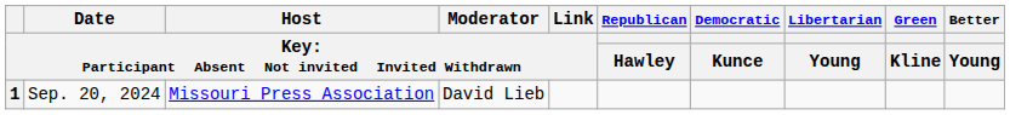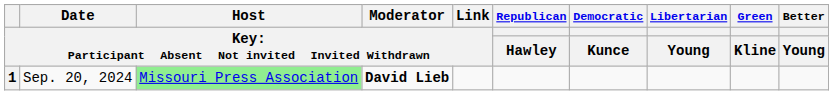 <table class="wikitable" style="text-align:center;">
 <tr>
 <th scope="col"></th>
 <th scope="col">Date</th>
 <th scope="col">Host</th>
 <th scope="col">Moderator</th>
 <th scope="col">Link</th>
 <th scope="col"><small><a href='#'>Republican</a></small></th>
 <th scope="col"><small><a href='#'>Democratic</a></small></th>
 <th scope="col"><small><a href='#'>Libertarian</a></small></th>
 <th scope="col"><small><a href='#'>Green</a></small></th>
 <th scope="col"><small>Better</small></th>
 </tr>
 <tr>
 <th colspan="5" rowspan="2">Key:<br> <small>Participant </small>  <small>Absent </small>  <small>Not invited </small>  <small>Invited  Withdrawn</small></th>
 <th scope="col" style="background:"></th>
 <th scope="col" style="background:"></th>
 <th scope="col" style="background:"></th>
 <th scope="col" style="background:"></th>
 <th scope="col" style="background:"></th>
 </tr>
 <tr>
 <th scope="col">Hawley</th>
 <th scope="col">Kunce</th>
 <th scope="col">Young</th>
 <th scope="col">Kline</th>
 <th scope="col">Young</th>
 </tr>
 <tr>
 <th>1</th>
 <td style="white-space:nowrap;">Sep. 20, 2024</td>
-<td style="white-space:nowrap;"><a href='#'>Missouri Press Association</a></td>
-<td style="white-space:nowrap;">David Lieb</td>
+<td style="background: lightgreen; white-space:nowrap;"><a href='#'>Missouri Press Association</a></td>
+<td style="white-space:nowrap;"><strong>David Lieb</strong></td>
 <td style="white-space:nowrap;"></td>
 <td></td>
 <td></td>
 <td></td>
 <td></td>
 <td></td>
 </tr>
 </table>
